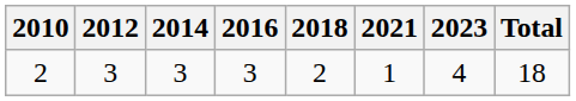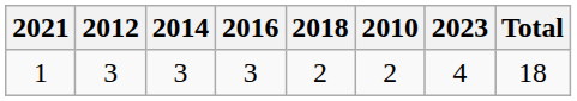 <table class="wikitable" style="text-align:center">
 <tr>
-<th>2010</th>
+<th>2021</th>
 <th>2012</th>
 <th>2014</th>
 <th>2016</th>
 <th>2018</th>
-<th>2021</th>
+<th>2010</th>
 <th>2023</th>
 <th>Total</th>
 </tr>
 <tr>
-<td>2</td>
+<td>1</td>
 <td>3</td>
 <td>3</td>
 <td>3</td>
 <td>2</td>
-<td>1</td>
+<td>2</td>
 <td>4</td>
 <td>18</td>
 </tr>
 </table>
